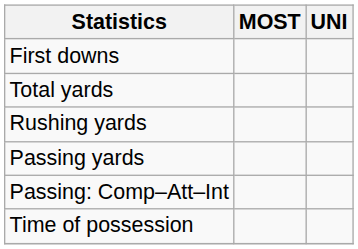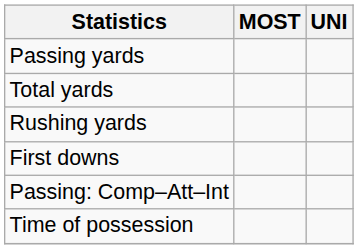 <table class="wikitable" style="float: left;">
 <tr>
 <th>Statistics</th>
 <th>MOST</th>
 <th>UNI</th>
 </tr>
 <tr>
-<td>First downs</td>
+<td>Passing yards</td>
 <td></td>
 <td></td>
 </tr>
 <tr>
 <td>Total yards</td>
 <td></td>
 <td></td>
 </tr>
 <tr>
 <td>Rushing yards</td>
 <td></td>
 <td></td>
 </tr>
 <tr>
-<td>Passing yards</td>
+<td>First downs</td>
 <td></td>
 <td></td>
 </tr>
 <tr>
 <td>Passing: Comp–Att–Int</td>
 <td></td>
 <td></td>
 </tr>
 <tr>
 <td>Time of possession</td>
 <td></td>
 <td></td>
 </tr>
 <tr>
 </tr>
 </table>
